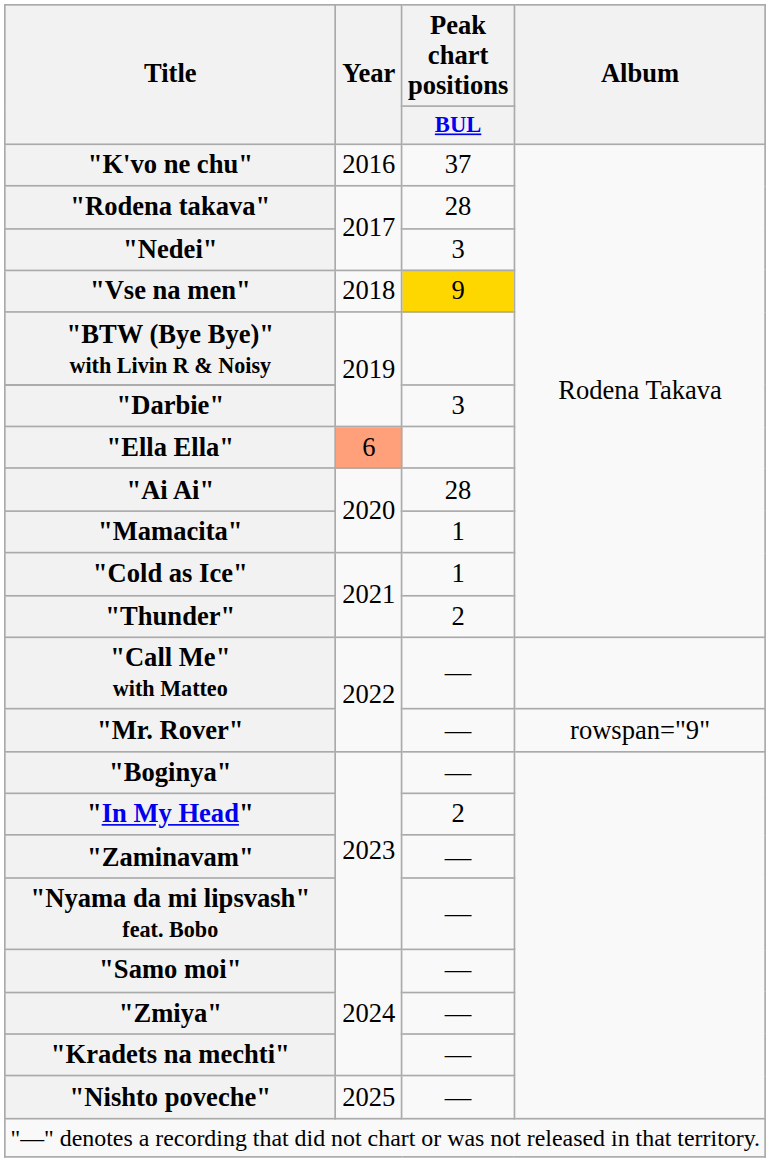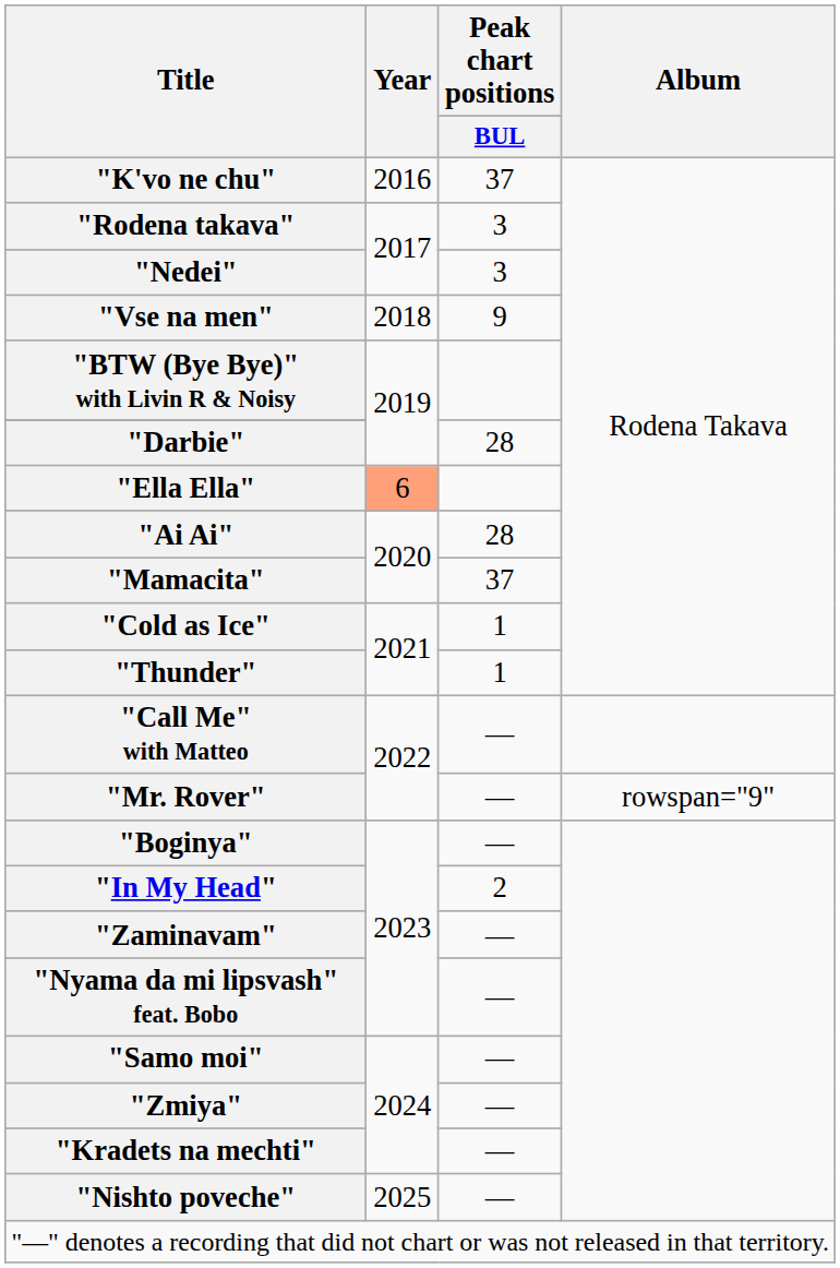 <table class="wikitable plainrowheaders" style="text-align:center;">
 <tr>
 <th rowspan="2" scope="col" style="width:12em;">Title</th>
 <th rowspan="2" scope="col">Year</th>
 <th colspan="1" scope="col">Peak chart positions</th>
 <th rowspan="2" scope="col" style="width:9em;">Album</th>
 </tr>
 <tr>
 <th scope="col" style="width:2.5em;font-size:85%;"><a href='#'>BUL</a><br></th>
 </tr>
 <tr>
 <th scope="row">"K'vo ne chu"</th>
 <td>2016</td>
 <td>37</td>
 <td rowspan="12">Rodena Takava</td>
 </tr>
 <tr>
 <th scope="row">"Rodena takava"</th>
 <td rowspan="2">2017</td>
-<td>28</td>
+<td>3</td>
 </tr>
 <tr>
 <th scope="row">"Nedei"</th>
 <td>3</td>
 </tr>
 <tr>
 <th scope="row">"Vse na men"</th>
 <td>2018</td>
-<td style="background: gold;">9</td>
+<td>9</td>
 </tr>
 <tr>
 <th scope="row">"BTW (Bye Bye)" <br> <small> with Livin R & Noisy</small></th>
 <td rowspan="3">2019</td>
 </tr>
 <tr>
 </tr>
 <tr>
 <th scope="row">"Darbie"</th>
-<td>3</td>
+<td>28</td>
 </tr>
 <tr>
 <th scope="row">"Ella Ella"</th>
 <td style="background: lightsalmon;">6</td>
 </tr>
 <tr>
 <th scope="row">"Ai Ai"</th>
 <td rowspan="2">2020</td>
 <td>28</td>
 </tr>
 <tr>
 <th scope="row">"Mamacita"</th>
-<td>1</td>
+<td>37</td>
 </tr>
 <tr>
 <th scope="row">"Cold as Ice"</th>
 <td rowspan="2">2021</td>
 <td>1</td>
 </tr>
 <tr>
 <th scope="row">"Thunder"</th>
-<td>2</td>
+<td>1</td>
 </tr>
 <tr>
 <th scope="row">"Call Me" <br> <small> with Matteo</small></th>
 <td rowspan="2">2022</td>
 <td>—</td>
 </tr>
 <tr>
 <th scope="row">"Mr. Rover"</th>
 <td>—</td>
 <td>rowspan="9" </td>
 </tr>
 <tr>
 <th scope="row">"Boginya"</th>
 <td rowspan="4">2023</td>
 <td>—</td>
 </tr>
 <tr>
 <th scope="row">"<a href='#'>In My Head</a>"</th>
 <td>2</td>
 </tr>
 <tr>
 <th scope="row">"Zaminavam"</th>
 <td>—</td>
 </tr>
 <tr>
 <th scope="row">"Nyama da mi lipsvash" <br> <small>feat. Bobo</small></th>
 <td>—</td>
 </tr>
 <tr>
 <th scope="row">"Samo moi"</th>
 <td rowspan="3">2024</td>
 <td>—</td>
 </tr>
 <tr>
 <th scope="row">"Zmiya"</th>
 <td>—</td>
 </tr>
 <tr>
 <th scope="row">"Kradets na mechti"</th>
 <td>—</td>
 </tr>
 <tr>
 <th scope="row">"Nishto poveche"</th>
 <td rowspan="1">2025</td>
 <td>—</td>
 </tr>
 <tr>
 <td colspan="14" style="font-size:90%">"—" denotes a recording that did not chart or was not released in that territory.</td>
 </tr>
 </table>
